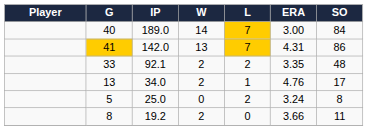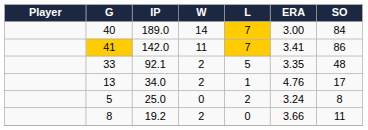 <table class="wikitable sortable" style="text-align:center;">
 <tr>
 <th style="background:#1c2841;color:white;" width="16%">Player</th>
 <th style="background:#1c2841;color:white;" width="9%">G</th>
 <th style="background:#1c2841;color:white;" width="9%">IP</th>
 <th style="background:#1c2841;color:white;" width="9%">W</th>
 <th style="background:#1c2841;color:white;" width="9%">L</th>
 <th style="background:#1c2841;color:white;" width="9%">ERA</th>
 <th style="background:#1c2841;color:white;" width="9%">SO</th>
 </tr>
 <tr align="center">
 <td></td>
 <td>40</td>
 <td>189.0</td>
 <td>14</td>
 <td style="background:#fc0;">7</td>
 <td>3.00</td>
 <td>84</td>
 </tr>
 <tr align="center">
 <td></td>
 <td style="background:#fc0;">41</td>
 <td>142.0</td>
-<td>13</td>
+<td>11</td>
 <td style="background:#fc0;">7</td>
-<td>4.31</td>
+<td>3.41</td>
 <td>86</td>
 </tr>
 <tr align="center">
 <td></td>
 <td>33</td>
 <td>92.1</td>
 <td>2</td>
-<td>2</td>
+<td>5</td>
 <td>3.35</td>
 <td>48</td>
 </tr>
 <tr align="center">
 <td></td>
 <td>13</td>
 <td>34.0</td>
 <td>2</td>
 <td>1</td>
 <td>4.76</td>
 <td>17</td>
 </tr>
 <tr align=center>
 <td></td>
 <td>5</td>
 <td>25.0</td>
 <td>0</td>
 <td>2</td>
 <td>3.24</td>
 <td>8</td>
 </tr>
 <tr align=center>
 <td></td>
 <td>8</td>
 <td>19.2</td>
 <td>2</td>
 <td>0</td>
 <td>3.66</td>
 <td>11</td>
 </tr>
 <tr align="center">
 </tr>
 </table>
